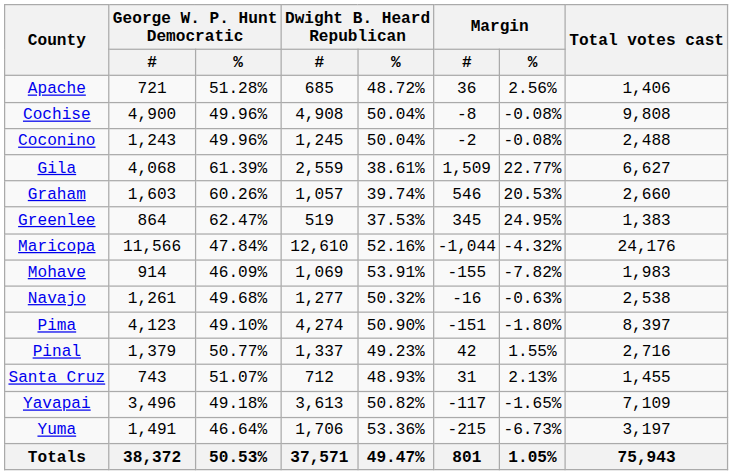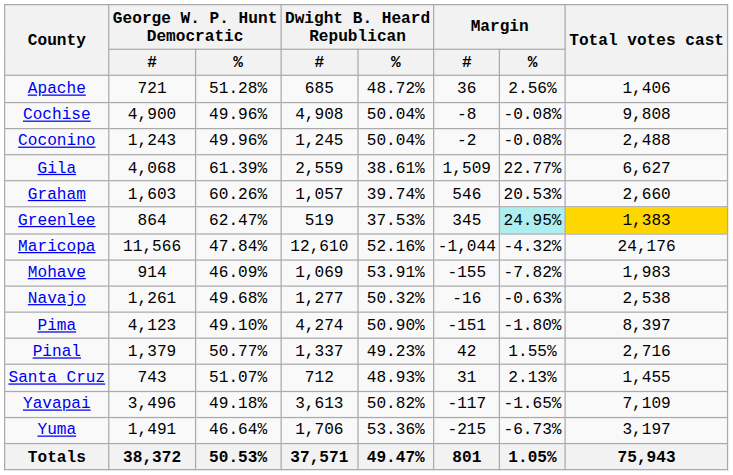 <table class="wikitable sortable" style="text-align:center">
 <tr>
 <th rowspan="2">County</th>
 <th style="text-align:center;" colspan="2">George W. P. Hunt<br>Democratic</th>
 <th style="text-align:center;" colspan="2">Dwight B. Heard<br>Republican</th>
 <th style="text-align:center;" colspan="2">Margin</th>
 <th style="text-align:center;" rowspan="2">Total votes cast</th>
 </tr>
 <tr>
 <th style="text-align:center;" data-sort-type="number">#</th>
 <th style="text-align:center;" data-sort-type="number">%</th>
 <th style="text-align:center;" data-sort-type="number">#</th>
 <th style="text-align:center;" data-sort-type="number">%</th>
 <th style="text-align:center;" data-sort-type="number">#</th>
 <th style="text-align:center;" data-sort-type="number">%</th>
 </tr>
 <tr style="text-align:center;">
 <td><a href='#'>Apache</a></td>
 <td>721</td>
 <td>51.28%</td>
 <td>685</td>
 <td>48.72%</td>
 <td>36</td>
 <td>2.56%</td>
 <td>1,406</td>
 </tr>
 <tr style="text-align:center;">
 <td><a href='#'>Cochise</a></td>
 <td>4,900</td>
 <td>49.96%</td>
 <td>4,908</td>
 <td>50.04%</td>
 <td>-8</td>
 <td>-0.08%</td>
 <td>9,808</td>
 </tr>
 <tr style="text-align:center;">
 <td><a href='#'>Coconino</a></td>
 <td>1,243</td>
 <td>49.96%</td>
 <td>1,245</td>
 <td>50.04%</td>
 <td>-2</td>
 <td>-0.08%</td>
 <td>2,488</td>
 </tr>
 <tr style="text-align:center;">
 <td><a href='#'>Gila</a></td>
 <td>4,068</td>
 <td>61.39%</td>
 <td>2,559</td>
 <td>38.61%</td>
 <td>1,509</td>
 <td>22.77%</td>
 <td>6,627</td>
 </tr>
 <tr style="text-align:center;">
 <td><a href='#'>Graham</a></td>
 <td>1,603</td>
 <td>60.26%</td>
 <td>1,057</td>
 <td>39.74%</td>
 <td>546</td>
 <td>20.53%</td>
 <td>2,660</td>
 </tr>
 <tr style="text-align:center;">
 <td><a href='#'>Greenlee</a></td>
 <td>864</td>
 <td>62.47%</td>
 <td>519</td>
 <td>37.53%</td>
 <td>345</td>
-<td>24.95%</td>
-<td>1,383</td>
+<td style="background: paleturquoise;">24.95%</td>
+<td style="background: gold;">1,383</td>
 </tr>
 <tr style="text-align:center;">
 <td><a href='#'>Maricopa</a></td>
 <td>11,566</td>
 <td>47.84%</td>
 <td>12,610</td>
 <td>52.16%</td>
 <td>-1,044</td>
 <td>-4.32%</td>
 <td>24,176</td>
 </tr>
 <tr style="text-align:center;">
 <td><a href='#'>Mohave</a></td>
 <td>914</td>
 <td>46.09%</td>
 <td>1,069</td>
 <td>53.91%</td>
 <td>-155</td>
 <td>-7.82%</td>
 <td>1,983</td>
 </tr>
 <tr style="text-align:center;">
 <td><a href='#'>Navajo</a></td>
 <td>1,261</td>
 <td>49.68%</td>
 <td>1,277</td>
 <td>50.32%</td>
 <td>-16</td>
 <td>-0.63%</td>
 <td>2,538</td>
 </tr>
 <tr style="text-align:center;">
 <td><a href='#'>Pima</a></td>
 <td>4,123</td>
 <td>49.10%</td>
 <td>4,274</td>
 <td>50.90%</td>
 <td>-151</td>
 <td>-1.80%</td>
 <td>8,397</td>
 </tr>
 <tr style="text-align:center;">
 <td><a href='#'>Pinal</a></td>
 <td>1,379</td>
 <td>50.77%</td>
 <td>1,337</td>
 <td>49.23%</td>
 <td>42</td>
 <td>1.55%</td>
 <td>2,716</td>
 </tr>
 <tr style="text-align:center;">
 <td><a href='#'>Santa Cruz</a></td>
 <td>743</td>
 <td>51.07%</td>
 <td>712</td>
 <td>48.93%</td>
 <td>31</td>
 <td>2.13%</td>
 <td>1,455</td>
 </tr>
 <tr style="text-align:center;">
 <td><a href='#'>Yavapai</a></td>
 <td>3,496</td>
 <td>49.18%</td>
 <td>3,613</td>
 <td>50.82%</td>
 <td>-117</td>
 <td>-1.65%</td>
 <td>7,109</td>
 </tr>
 <tr style="text-align:center;">
 <td><a href='#'>Yuma</a></td>
 <td>1,491</td>
 <td>46.64%</td>
 <td>1,706</td>
 <td>53.36%</td>
 <td>-215</td>
 <td>-6.73%</td>
 <td>3,197</td>
 </tr>
 <tr style="text-align:center;">
 <th>Totals</th>
 <th>38,372</th>
 <th>50.53%</th>
 <th>37,571</th>
 <th>49.47%</th>
 <th>801</th>
 <th>1.05%</th>
 <th>75,943</th>
 </tr>
 </table>
